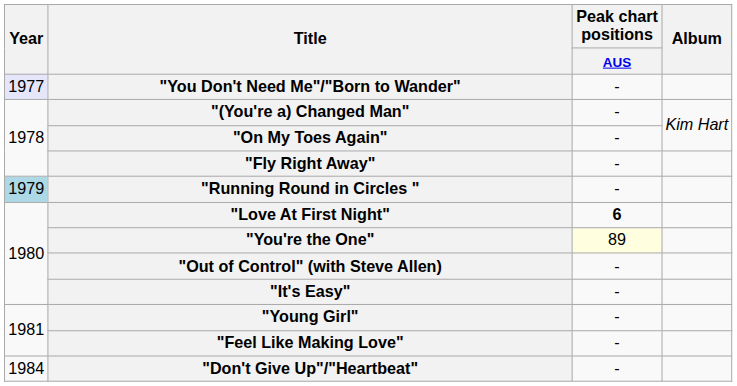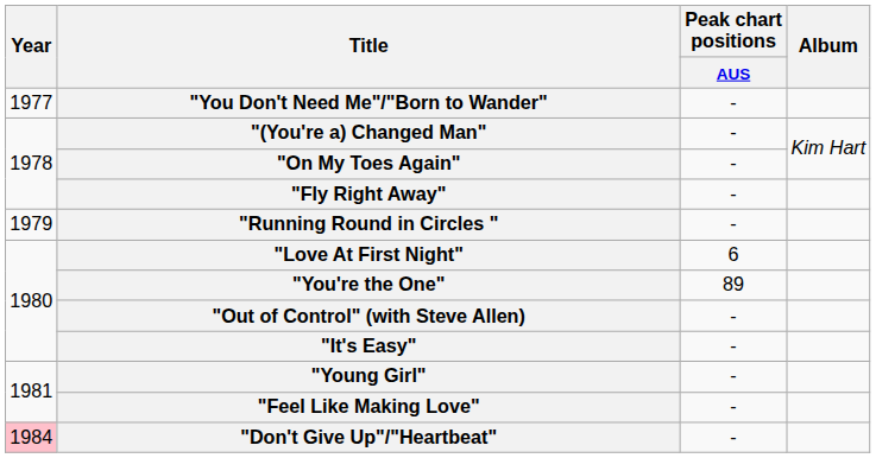 <table class="wikitable plainrowheaders" style="text-align:center;" border="1">
 <tr>
 <th scope="col" rowspan="2">Year</th>
 <th scope="col" rowspan="2" style="width:32em;">Title</th>
 <th scope="col" colspan="1">Peak chart<br>positions</th>
 <th scope="col" rowspan="2">Album</th>
 </tr>
 <tr>
 <th scope="col" style="text-align:center;"><small><a href='#'>AUS</a></small><br></th>
 </tr>
 <tr>
-<td style="background: lavender;">1977</td>
+<td>1977</td>
 <th scope="row">"You Don't Need Me"/"Born to Wander"</th>
 <td style="text-align:center;">-</td>
 <td></td>
 </tr>
 <tr>
 <td rowspan="3">1978</td>
 <th scope="row">"(You're a) Changed Man"</th>
 <td style="text-align:center;">-</td>
 <td rowspan="2"><em>Kim Hart</em></td>
 </tr>
 <tr>
 <th scope="row">"On My Toes Again"</th>
 <td style="text-align:center;">-</td>
 </tr>
 <tr>
 <th scope="row">"Fly Right Away"</th>
 <td style="text-align:center;">-</td>
 <td></td>
 </tr>
 <tr>
-<td style="background: lightblue;">1979</td>
+<td>1979</td>
 <th scope="row">"Running Round in Circles "</th>
 <td style="text-align:center;">-</td>
 <td></td>
 </tr>
 <tr>
 <td rowspan="4">1980</td>
 <th scope="row">"Love At First Night"</th>
-<td style="text-align:center;"><strong>6</strong></td>
+<td style="text-align:center;">6</td>
 <td></td>
 </tr>
 <tr>
 <th scope="row">"You're the One"</th>
-<td style="background: lightyellow; text-align:center;">89</td>
+<td style="text-align:center;">89</td>
 <td></td>
 </tr>
 <tr>
 <th scope="row">"Out of Control" (with Steve Allen)</th>
 <td style="text-align:center;">-</td>
 <td></td>
 </tr>
 <tr>
 <th scope="row">"It's Easy"</th>
 <td style="text-align:center;">-</td>
 <td></td>
 </tr>
 <tr>
 <td rowspan="2">1981</td>
 <th scope="row">"Young Girl"</th>
 <td style="text-align:center;">-</td>
 <td></td>
 </tr>
 <tr>
 <th scope="row">"Feel Like Making Love"</th>
 <td style="text-align:center;">-</td>
 <td></td>
 </tr>
 <tr>
-<td>1984</td>
+<td style="background: pink;">1984</td>
 <th scope="row">"Don't Give Up"/"Heartbeat"</th>
 <td style="text-align:center;">-</td>
 <td></td>
 </tr>
 </table>
